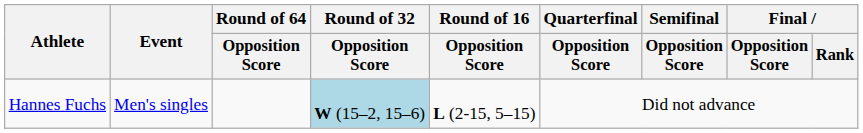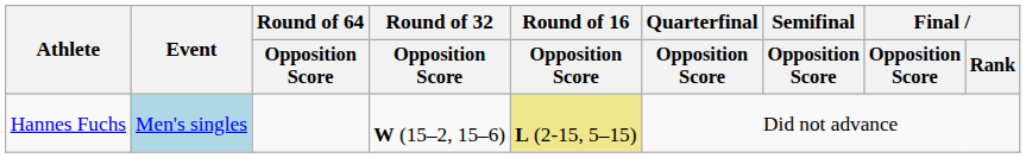 <table class="wikitable" style="font-size:90%">
 <tr>
 <th rowspan=2>Athlete</th>
 <th rowspan=2>Event</th>
 <th>Round of 64</th>
 <th>Round of 32</th>
 <th>Round of 16</th>
 <th>Quarterfinal</th>
 <th>Semifinal</th>
 <th colspan=2>Final / </th>
 </tr>
 <tr style="font-size:95%">
 <th>Opposition<br>Score</th>
 <th>Opposition<br>Score</th>
 <th>Opposition<br>Score</th>
 <th>Opposition<br>Score</th>
 <th>Opposition<br>Score</th>
 <th>Opposition<br>Score</th>
 <th>Rank</th>
 </tr>
 <tr align=center>
 <td align=left><a href='#'>Hannes Fuchs</a></td>
-<td align=left><a href='#'>Men's singles</a></td>
+<td align=left style="background: lightblue;"><a href='#'>Men's singles</a></td>
 <td></td>
-<td style="background: lightblue;"><br><strong>W</strong> (15–2, 15–6)</td>
-<td><br><strong>L</strong> (2-15, 5–15)</td>
+<td><br><strong>W</strong> (15–2, 15–6)</td>
+<td style="background: khaki;"><br><strong>L</strong> (2-15, 5–15)</td>
 <td colspan=5>Did not advance</td>
 </tr>
 </table>
